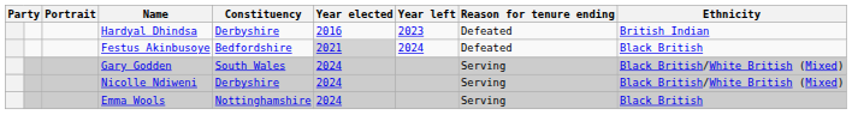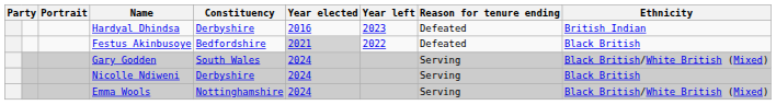 <table class="wikitable sortable">
 <tr>
 <th colspan="2">Party</th>
 <th>Portrait</th>
 <th>Name</th>
 <th>Constituency</th>
 <th>Year elected</th>
 <th>Year left</th>
 <th>Reason for tenure ending</th>
 <th>Ethnicity</th>
 </tr>
 <tr style=>
 <th style="background-color: "></th>
 <td></td>
 <td></td>
 <td><a href='#'>Hardyal Dhindsa</a></td>
 <td><a href='#'>Derbyshire</a></td>
 <td><a href='#'>2016</a></td>
 <td><a href='#'>2023</a></td>
 <td>Defeated</td>
 <td><a href='#'>British Indian</a></td>
 </tr>
 <tr>
 <th style="background-color: "></th>
 <td></td>
 <td></td>
 <td><a href='#'>Festus Akinbusoye</a></td>
 <td><a href='#'>Bedfordshire</a></td>
 <td style="background: lightgrey;"><a href='#'>2021</a></td>
-<td><a href='#'>2024</a></td>
+<td><a href='#'>2022</a></td>
 <td>Defeated</td>
 <td><a href='#'>Black British</a></td>
 </tr>
 <tr style="background:#ccc;">
 <th style="background-color: "></th>
 <td></td>
 <td></td>
 <td><a href='#'>Gary Godden</a></td>
 <td><a href='#'>South Wales</a></td>
 <td><a href='#'>2024</a></td>
 <td></td>
 <td>Serving</td>
 <td><a href='#'>Black British</a>/<a href='#'>White British</a> (<a href='#'>Mixed</a>)</td>
 </tr>
 <tr style="background:#ccc;">
 <th style="background-color: "></th>
 <td></td>
 <td></td>
 <td><a href='#'>Nicolle Ndiweni</a></td>
 <td><a href='#'>Derbyshire</a></td>
 <td><a href='#'>2024</a></td>
 <td></td>
 <td>Serving</td>
-<td><a href='#'>Black British</a>/<a href='#'>White British</a> (<a href='#'>Mixed</a>)</td>
+<td><a href='#'>Black British</a></td>
 </tr>
 <tr style="background:#ccc;">
 <th style="background-color: "></th>
 <td></td>
 <td></td>
 <td><a href='#'>Emma Wools</a></td>
 <td><a href='#'>Nottinghamshire</a></td>
 <td><a href='#'>2024</a></td>
 <td></td>
 <td>Serving</td>
-<td><a href='#'>Black British</a></td>
+<td><a href='#'>Black British</a>/<a href='#'>White British</a> (<a href='#'>Mixed</a>)</td>
 </tr>
 </table>
